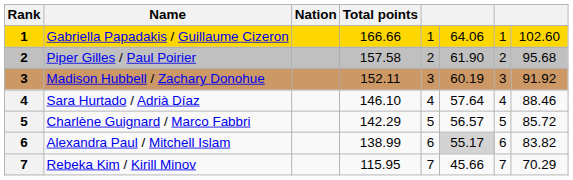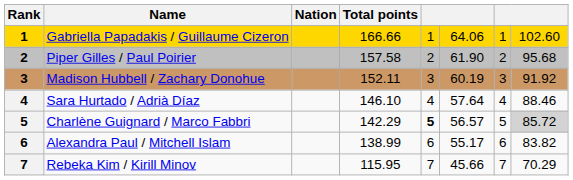 <table class="wikitable sortable">
 <tr>
 <th>Rank</th>
 <th>Name</th>
 <th>Nation</th>
 <th>Total points</th>
 <th colspan="2" width="80px"></th>
 <th colspan="2" width="80px"></th>
 </tr>
 <tr bgcolor="gold">
 <td align="center"><strong>1</strong></td>
 <td><a href='#'>Gabriella Papadakis</a> / <a href='#'>Guillaume Cizeron</a></td>
 <td></td>
 <td align="center">166.66</td>
 <td align="center">1</td>
 <td align="center">64.06</td>
 <td align="center">1</td>
 <td align="center">102.60</td>
 </tr>
 <tr bgcolor="silver">
 <td align="center"><strong>2</strong></td>
 <td><a href='#'>Piper Gilles</a> / <a href='#'>Paul Poirier</a></td>
 <td></td>
 <td align="center">157.58</td>
 <td align="center">2</td>
 <td align="center">61.90</td>
 <td align="center">2</td>
 <td align="center">95.68</td>
 </tr>
 <tr bgcolor="cc9966">
 <td align="center"><strong>3</strong></td>
 <td><a href='#'>Madison Hubbell</a> / <a href='#'>Zachary Donohue</a></td>
 <td></td>
 <td align="center">152.11</td>
 <td align="center">3</td>
 <td align="center">60.19</td>
 <td align="center">3</td>
 <td align="center">91.92</td>
 </tr>
 <tr>
 <th>4</th>
 <td><a href='#'>Sara Hurtado</a> / <a href='#'>Adrià Díaz</a></td>
 <td></td>
 <td align="center">146.10</td>
 <td align="center">4</td>
 <td align="center">57.64</td>
 <td align="center">4</td>
 <td align="center">88.46</td>
 </tr>
 <tr>
 <th>5</th>
 <td><a href='#'>Charlène Guignard</a> / <a href='#'>Marco Fabbri</a></td>
 <td></td>
 <td align="center">142.29</td>
-<td align="center">5</td>
+<td align="center"><strong>5</strong></td>
 <td align="center">56.57</td>
 <td align="center">5</td>
-<td align="center">85.72</td>
+<td align="center" style="background: lightgrey;">85.72</td>
 </tr>
 <tr>
 <th>6</th>
 <td><a href='#'>Alexandra Paul</a> / <a href='#'>Mitchell Islam</a></td>
 <td></td>
 <td align="center">138.99</td>
 <td align="center">6</td>
-<td align="center" style="background: lightgrey;">55.17</td>
+<td align="center">55.17</td>
 <td align="center">6</td>
 <td align="center">83.82</td>
 </tr>
 <tr>
 <th>7</th>
 <td><a href='#'>Rebeka Kim</a> / <a href='#'>Kirill Minov</a></td>
 <td></td>
 <td align="center">115.95</td>
 <td align="center">7</td>
 <td align="center">45.66</td>
 <td align="center">7</td>
 <td align="center">70.29</td>
 </tr>
 </table>
